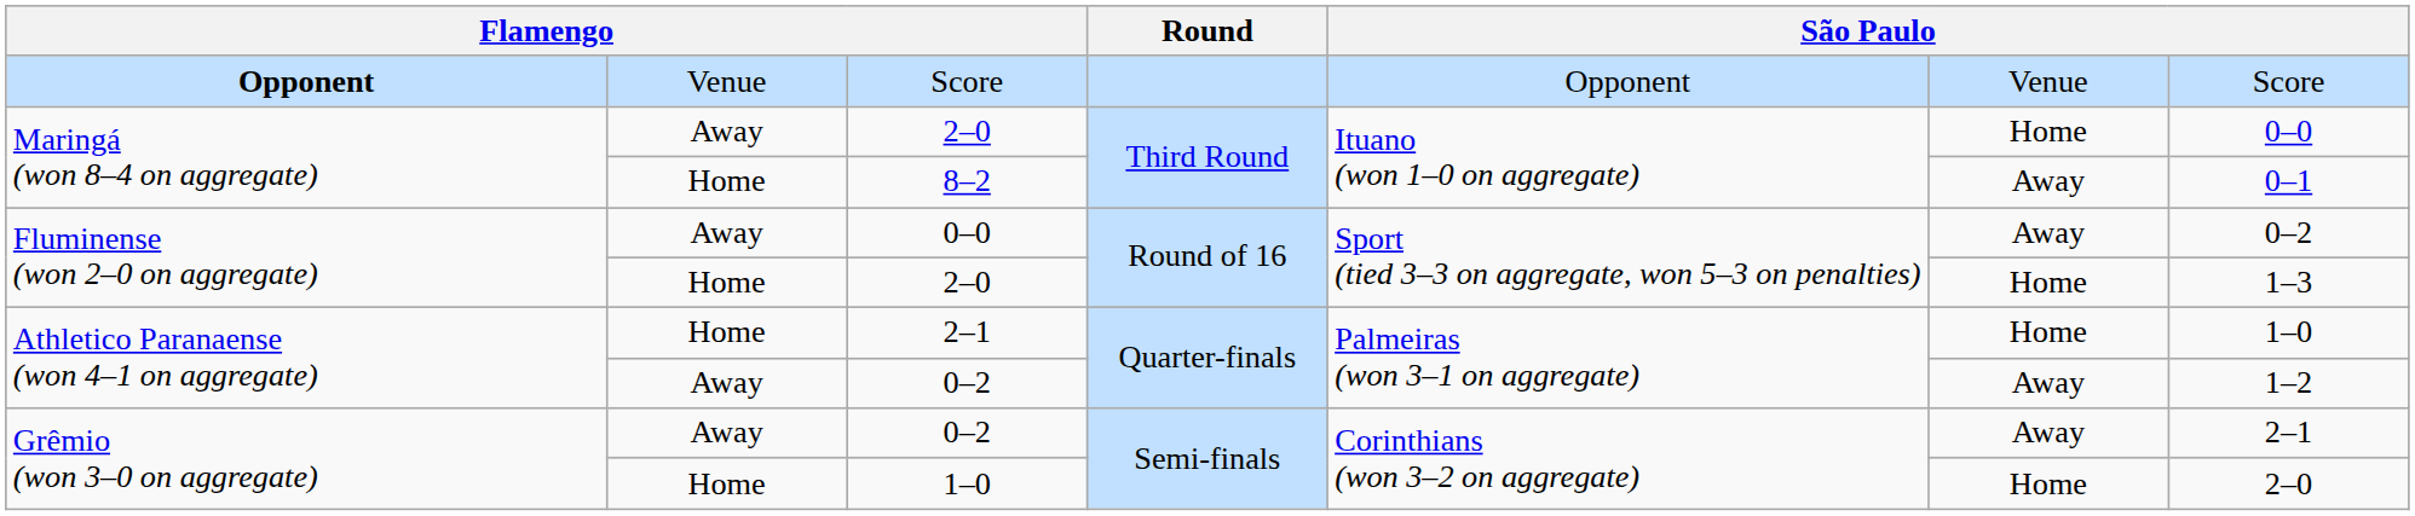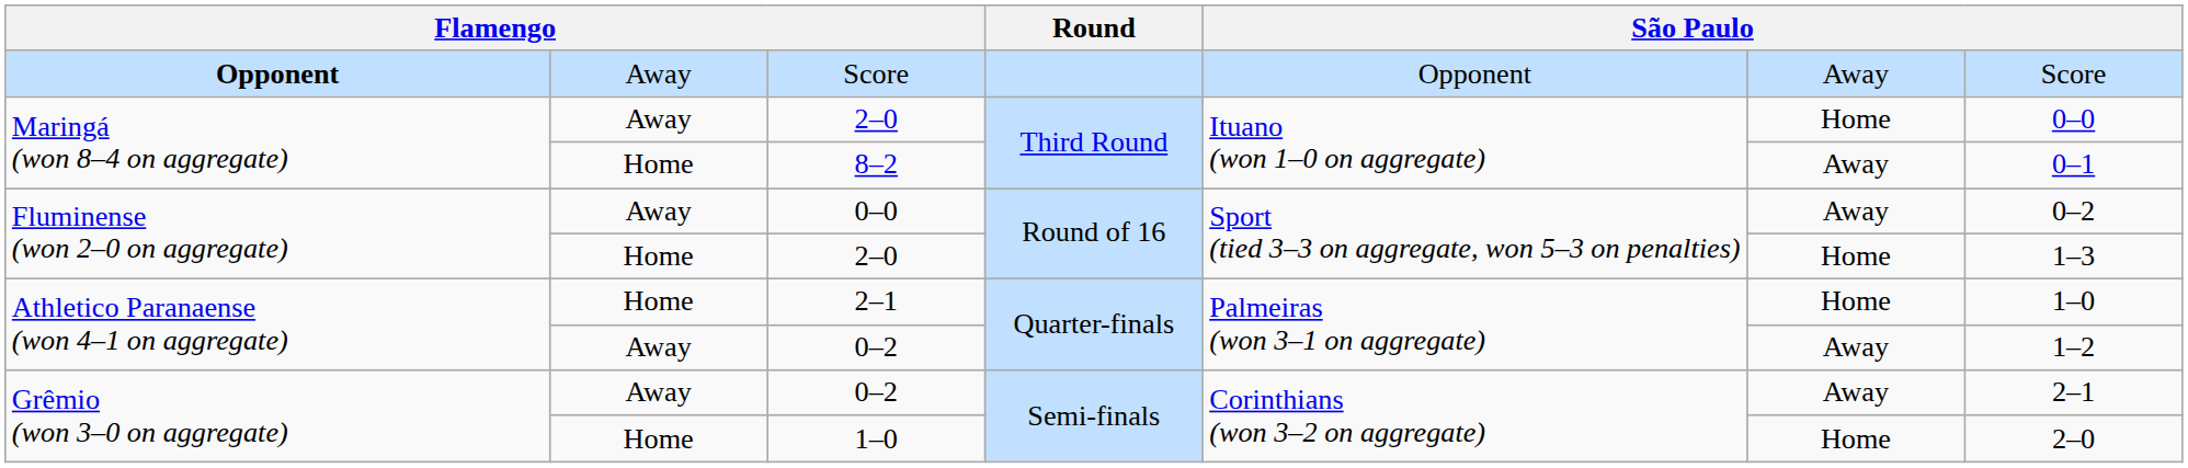 <table class="wikitable" style="text-align: center;">
 <tr>
 <th colspan=3> <a href='#'>Flamengo</a></th>
 <th>Round</th>
 <th colspan=3> <a href='#'>São Paulo</a></th>
 </tr>
 <tr bgcolor=#c1e0ff>
 <td width=25%><strong>Opponent</strong></td>
-<td width=10%>Venue</td>
+<td>Away</td>
 <td width=10%>Score</td>
 <td width=10%></td>
 <td width=25%>Opponent</td>
-<td width=10%>Venue</td>
+<td>Away</td>
 <td width=10%>Score</td>
 </tr>
 <tr>
 <td rowspan=2 align=left> <a href='#'>Maringá</a><br><em>(won 8–4 on aggregate)</em></td>
 <td>Away</td>
 <td><a href='#'>2–0</a></td>
 <td rowspan=2 bgcolor=#c1e0ff><a href='#'>Third Round</a></td>
 <td rowspan=2 align=left> <a href='#'>Ituano</a><br><em>(won 1–0 on aggregate)</em></td>
 <td>Home</td>
 <td><a href='#'>0–0</a></td>
 </tr>
 <tr>
 <td>Home</td>
 <td><a href='#'>8–2</a></td>
 <td>Away</td>
 <td><a href='#'>0–1</a></td>
 </tr>
 <tr>
 <td rowspan=2 align=left> <a href='#'>Fluminense</a><br><em>(won 2–0 on aggregate)</em></td>
 <td>Away</td>
 <td>0–0</td>
 <td rowspan=2 bgcolor=#c1e0ff>Round of 16</td>
 <td rowspan=2 align=left> <a href='#'>Sport</a><br><em>(tied 3–3 on aggregate, won 5–3 on penalties)</em></td>
 <td>Away</td>
 <td>0–2</td>
 </tr>
 <tr>
 <td>Home</td>
 <td>2–0</td>
 <td>Home</td>
 <td>1–3</td>
 </tr>
 <tr>
 <td rowspan=2 align=left> <a href='#'>Athletico Paranaense</a><br><em>(won 4–1 on aggregate)</em></td>
 <td>Home</td>
 <td>2–1</td>
 <td rowspan=2 bgcolor=#c1e0ff>Quarter-finals</td>
 <td rowspan=2 align=left> <a href='#'>Palmeiras</a><br><em>(won 3–1 on aggregate)</em></td>
 <td>Home</td>
 <td>1–0</td>
 </tr>
 <tr>
 <td>Away</td>
 <td>0–2</td>
 <td>Away</td>
 <td>1–2</td>
 </tr>
 <tr>
 <td rowspan=2 align=left> <a href='#'>Grêmio</a><br><em>(won 3–0 on aggregate)</em></td>
 <td>Away</td>
 <td>0–2</td>
 <td rowspan=2 bgcolor=#c1e0ff>Semi-finals</td>
 <td rowspan=2 align=left> <a href='#'>Corinthians</a><br><em>(won 3–2 on aggregate)</em></td>
 <td>Away</td>
 <td>2–1</td>
 </tr>
 <tr>
 <td>Home</td>
 <td>1–0</td>
 <td>Home</td>
 <td>2–0</td>
 </tr>
 </table>
